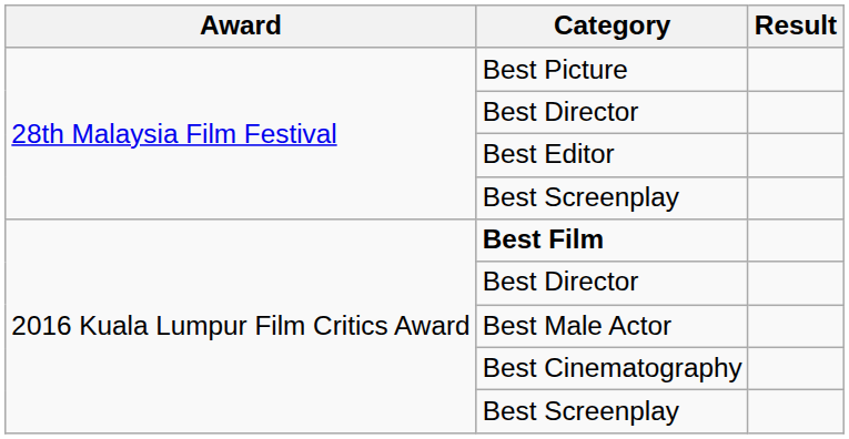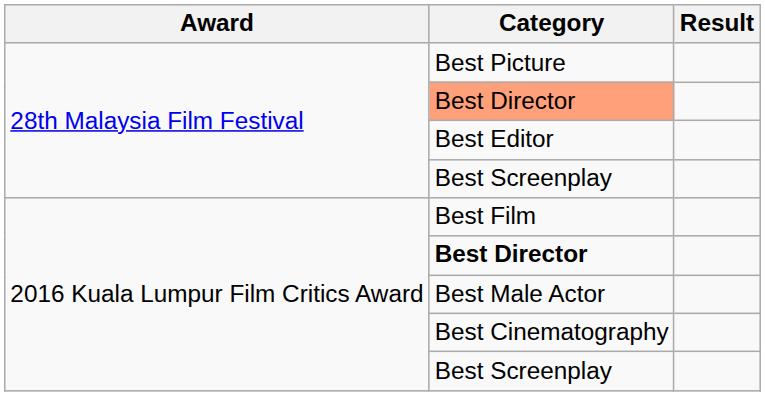 <table class="wikitable">
 <tr>
 <th>Award</th>
 <th>Category</th>
 <th>Result</th>
 </tr>
 <tr>
 <td rowspan=4><a href='#'>28th Malaysia Film Festival</a></td>
 <td>Best Picture</td>
 <td></td>
 </tr>
 <tr>
-<td>Best Director</td>
+<td style="background: lightsalmon;">Best Director</td>
 <td></td>
 </tr>
 <tr>
 <td>Best Editor</td>
 <td></td>
 </tr>
 <tr>
 <td>Best Screenplay</td>
 <td></td>
 </tr>
 <tr>
 <td rowspan="5">2016 Kuala Lumpur Film Critics Award</td>
-<td><strong>Best Film</strong></td>
+<td>Best Film</td>
 <td></td>
 </tr>
 <tr>
-<td>Best Director</td>
+<td><strong>Best Director</strong></td>
 <td></td>
 </tr>
 <tr>
 <td>Best Male Actor</td>
 <td></td>
 </tr>
 <tr>
 <td>Best Cinematography</td>
 <td></td>
 </tr>
 <tr>
 <td>Best Screenplay</td>
 <td></td>
 </tr>
 </table>
